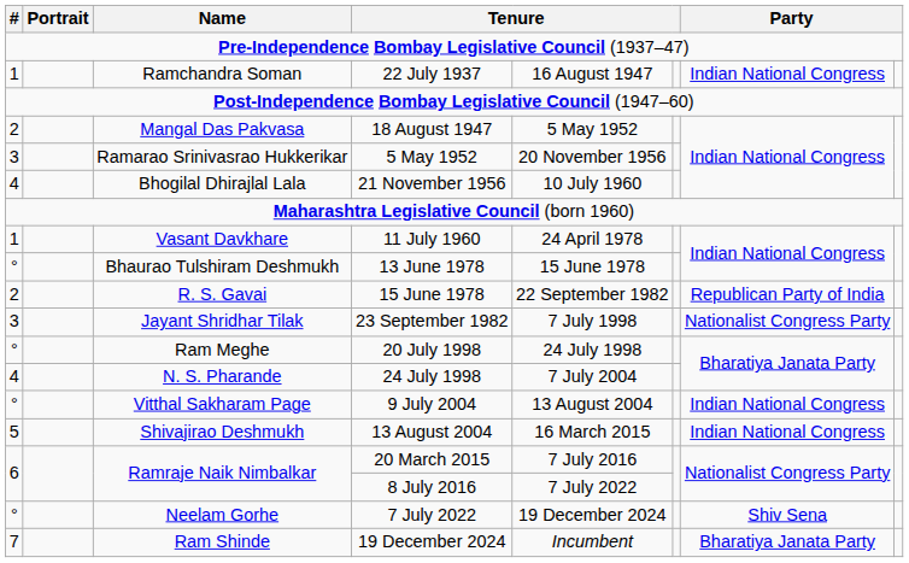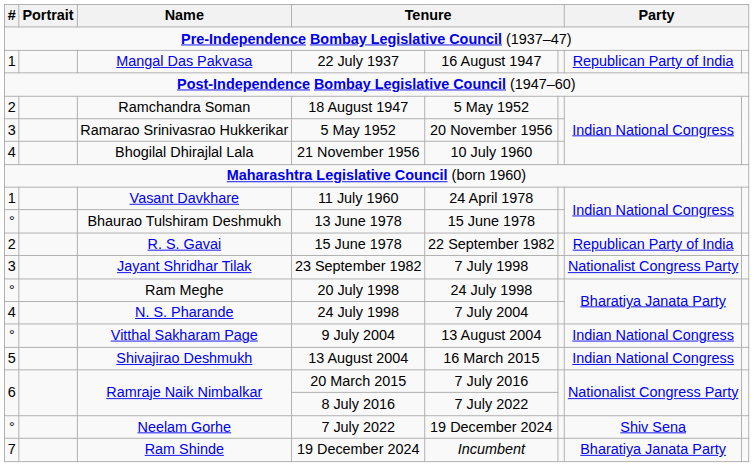 <table class="wikitable" style="text-align:center;">
 <tr>
 <th>#</th>
 <th>Portrait</th>
 <th>Name</th>
 <th colspan="3" scope="col">Tenure</th>
 <th colspan="2" scope="col">Party</th>
 </tr>
 <tr>
 <td colspan=8 style="text-align:center;"><strong><a href='#'>Pre-Independence</a> <a href='#'>Bombay Legislative Council</a></strong> (1937–47)</td>
 </tr>
 <tr>
 <td>1</td>
 <td></td>
-<td>Ramchandra Soman</td>
+<td><a href='#'>Mangal Das Pakvasa</a></td>
 <td>22 July 1937</td>
 <td>16 August 1947</td>
 <td></td>
-<td><a href='#'>Indian National Congress</a></td>
+<td><a href='#'>Republican Party of India</a></td>
 <td style="background-color: "></td>
 </tr>
 <tr>
 <td colspan=8 style="text-align:center;"><strong><a href='#'>Post-Independence</a> <a href='#'>Bombay Legislative Council</a></strong> (1947–60)</td>
 </tr>
 <tr>
 <td>2</td>
 <td></td>
-<td><a href='#'>Mangal Das Pakvasa</a></td>
+<td>Ramchandra Soman</td>
 <td>18 August 1947</td>
 <td>5 May 1952</td>
 <td></td>
 <td rowspan=3><a href='#'>Indian National Congress</a></td>
 <td rowspan=3 style="background-color: "></td>
 </tr>
 <tr>
 <td>3</td>
 <td></td>
 <td>Ramarao Srinivasrao Hukkerikar</td>
 <td>5 May 1952</td>
 <td>20 November 1956</td>
 <td></td>
 </tr>
 <tr>
 <td>4</td>
 <td></td>
 <td>Bhogilal Dhirajlal Lala</td>
 <td>21 November 1956</td>
 <td>10 July 1960</td>
 <td></td>
 </tr>
 <tr>
 <td colspan=8 style="text-align:center;"><strong><a href='#'>Maharashtra Legislative Council</a></strong> (born 1960)</td>
 </tr>
 <tr>
 <td>1</td>
 <td></td>
 <td><a href='#'>Vasant Davkhare</a></td>
 <td>11 July 1960</td>
 <td>24 April 1978</td>
 <td></td>
 <td rowspan=2><a href='#'>Indian National Congress</a></td>
 <td rowspan=2 style="background-color: "></td>
 </tr>
 <tr>
 <td>°</td>
 <td></td>
 <td>Bhaurao Tulshiram Deshmukh</td>
 <td>13 June 1978</td>
 <td>15 June 1978</td>
 <td></td>
 </tr>
 <tr>
 <td>2</td>
 <td></td>
 <td><a href='#'>R. S. Gavai</a></td>
 <td>15 June 1978</td>
 <td>22 September 1982</td>
 <td></td>
 <td><a href='#'>Republican Party of India</a></td>
 <td style="background-color: "></td>
 </tr>
 <tr>
 <td>3</td>
 <td></td>
 <td><a href='#'>Jayant Shridhar Tilak</a></td>
 <td>23 September 1982</td>
 <td>7 July 1998</td>
 <td></td>
 <td><a href='#'>Nationalist Congress Party</a></td>
 <td style="background-color: "></td>
 </tr>
 <tr>
 <td>°</td>
 <td></td>
 <td>Ram Meghe</td>
 <td>20 July 1998</td>
 <td>24 July 1998</td>
 <td></td>
 <td rowspan=2><a href='#'>Bharatiya Janata Party</a></td>
 <td rowspan=2 style="background-color: "></td>
 </tr>
 <tr>
 <td>4</td>
 <td></td>
 <td><a href='#'>N. S. Pharande</a></td>
 <td>24 July 1998</td>
 <td>7 July 2004</td>
 <td></td>
 </tr>
 <tr>
 <td>°</td>
 <td></td>
 <td><a href='#'>Vitthal Sakharam Page</a></td>
 <td>9 July 2004</td>
 <td>13 August 2004</td>
 <td></td>
 <td><a href='#'>Indian National Congress</a></td>
 <td style="background-color: "></td>
 </tr>
 <tr>
 <td>5</td>
 <td></td>
 <td><a href='#'>Shivajirao Deshmukh</a></td>
 <td>13 August 2004</td>
 <td>16 March 2015</td>
 <td></td>
 <td><a href='#'>Indian National Congress</a></td>
 <td style="background-color: "></td>
 </tr>
 <tr>
 <td rowspan=2>6</td>
 <td rowspan=2></td>
 <td rowspan=2><a href='#'>Ramraje Naik Nimbalkar</a></td>
 <td>20 March 2015</td>
 <td>7 July 2016</td>
 <td rowspan=2></td>
 <td rowspan=2><a href='#'>Nationalist Congress Party</a></td>
 <td rowspan=2 style="background-color: "></td>
 </tr>
 <tr>
 <td>8 July 2016</td>
 <td>7 July 2022</td>
 </tr>
 <tr>
 <td>°</td>
 <td></td>
 <td><a href='#'>Neelam Gorhe</a></td>
 <td>7 July 2022</td>
 <td>19 December 2024</td>
 <td></td>
 <td><a href='#'>Shiv Sena</a></td>
 <td style="background-color: "></td>
 </tr>
 <tr>
 <td>7</td>
 <td><br></td>
 <td><a href='#'>Ram Shinde</a></td>
 <td>19 December 2024</td>
 <td><em>Incumbent</em></td>
 <td></td>
 <td><a href='#'>Bharatiya Janata Party</a></td>
 <td style="background-color: "></td>
 </tr>
 </table>
